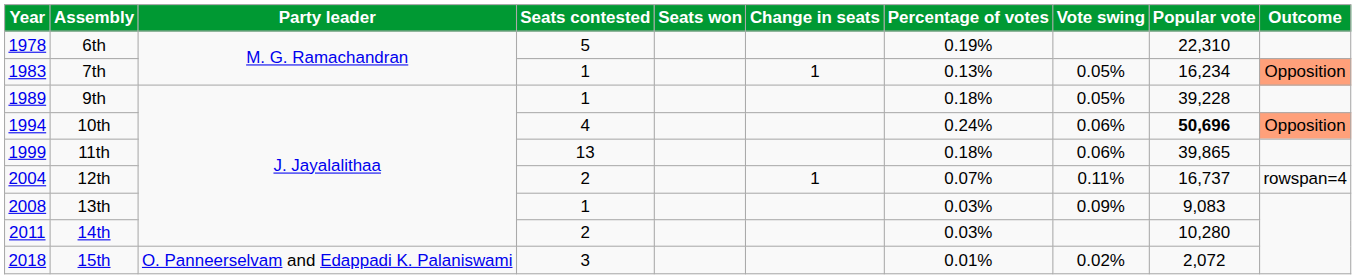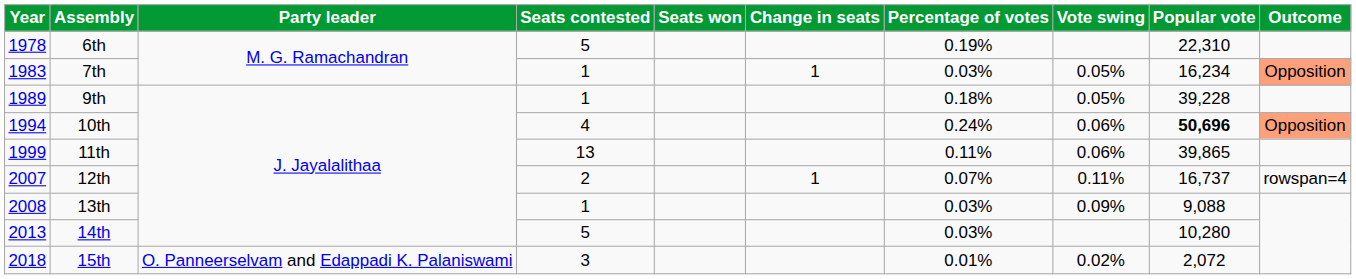 <table class="wikitable sortable" style="text-align:center">
 <tr>
 <th style="background-color:#009933;color:white">Year</th>
 <th style="background-color:#009933;color:white">Assembly</th>
 <th style="background-color:#009933;color:white">Party leader</th>
 <th style="background-color:#009933;color:white">Seats contested</th>
 <th style="background-color:#009933;color:white">Seats won</th>
 <th style="background-color:#009933;color:white">Change in seats</th>
 <th style="background-color:#009933;color:white">Percentage of votes</th>
 <th style="background-color:#009933;color:white">Vote swing</th>
 <th style="background-color:#009933;color:white">Popular vote</th>
 <th style="background-color:#009933;color:white">Outcome</th>
 </tr>
 <tr>
 <td><a href='#'>1978</a></td>
 <td>6th</td>
 <td rowspan=2><a href='#'>M. G. Ramachandran</a></td>
 <td>5</td>
 <td></td>
 <td></td>
 <td>0.19%</td>
 <td></td>
 <td>22,310</td>
 <td></td>
 </tr>
 <tr>
 <td><a href='#'>1983</a></td>
 <td>7th</td>
 <td>1</td>
 <td></td>
 <td> 1</td>
-<td>0.13%</td>
+<td>0.03%</td>
 <td> 0.05%</td>
 <td>16,234</td>
 <td style="background:#FFA07A;">Opposition</td>
 </tr>
 <tr>
 <td><a href='#'>1989</a></td>
 <td>9th</td>
 <td rowspan=6><a href='#'>J. Jayalalithaa</a></td>
 <td>1</td>
 <td></td>
 <td></td>
 <td>0.18%</td>
 <td> 0.05%</td>
 <td>39,228</td>
 <td></td>
 </tr>
 <tr>
 <td><a href='#'>1994</a></td>
 <td>10th</td>
 <td>4</td>
 <td></td>
 <td></td>
 <td>0.24%</td>
 <td> 0.06%</td>
 <td><strong>50,696</strong></td>
 <td style="background:#FFA07A;">Opposition</td>
 </tr>
 <tr>
 <td><a href='#'>1999</a></td>
 <td>11th</td>
 <td>13</td>
 <td></td>
 <td></td>
-<td>0.18%</td>
+<td>0.11%</td>
 <td> 0.06%</td>
 <td>39,865</td>
 <td></td>
 </tr>
 <tr>
-<td><a href='#'>2004</a></td>
+<td><a href='#'>2007</a></td>
 <td>12th</td>
 <td>2</td>
 <td></td>
 <td> 1</td>
 <td>0.07%</td>
 <td> 0.11%</td>
 <td>16,737</td>
 <td>rowspan=4 </td>
 </tr>
 <tr>
 <td><a href='#'>2008</a></td>
 <td>13th</td>
 <td>1</td>
 <td></td>
 <td></td>
 <td>0.03%</td>
 <td> 0.09%</td>
-<td>9,083</td>
+<td>9,088</td>
 </tr>
 <tr>
-<td><a href='#'>2011</a></td>
+<td><a href='#'>2013</a></td>
 <td><a href='#'>14th</a></td>
-<td>2</td>
+<td>5</td>
 <td></td>
 <td></td>
 <td>0.03%</td>
 <td></td>
 <td>10,280</td>
 </tr>
 <tr>
 <td><a href='#'>2018</a></td>
 <td><a href='#'>15th</a></td>
 <td><a href='#'>O. Panneerselvam</a> and <a href='#'>Edappadi&nbsp;K.&nbsp;Palaniswami</a></td>
 <td>3</td>
 <td></td>
 <td></td>
 <td>0.01%</td>
 <td> 0.02%</td>
 <td>2,072</td>
 </tr>
 </table>
